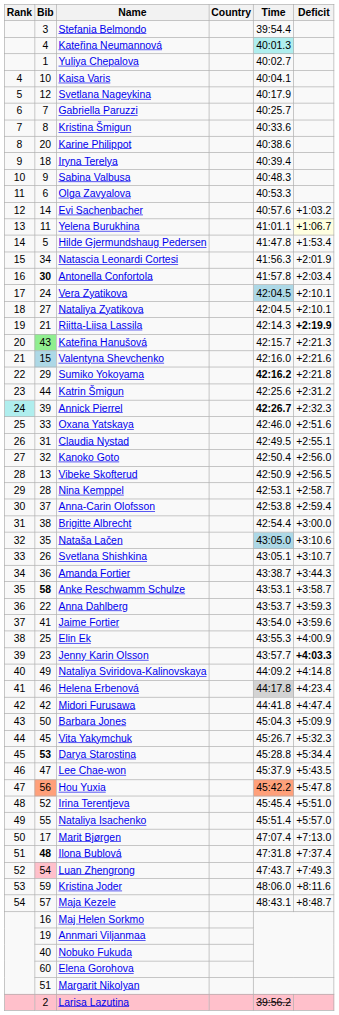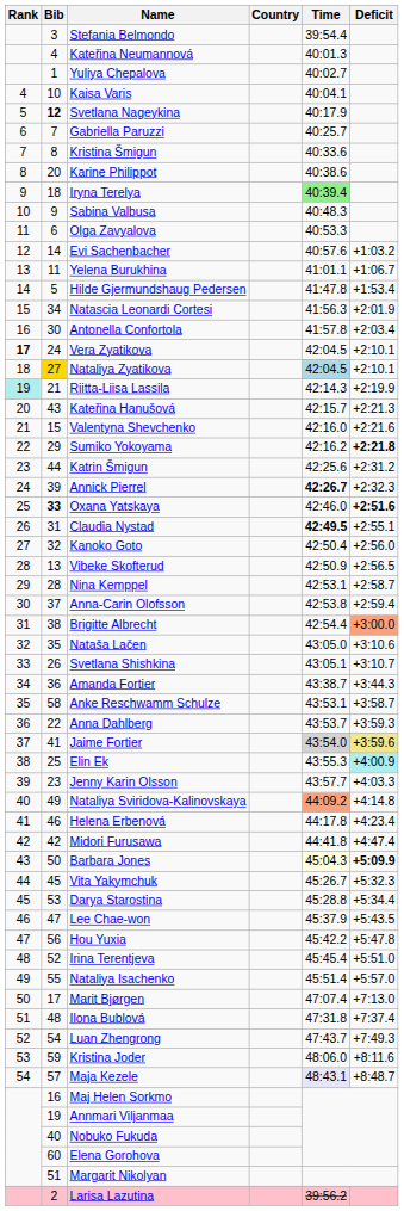 <table class="wikitable sortable" style="text-align:center">
 <tr>
 <th>Rank</th>
 <th>Bib</th>
 <th>Name</th>
 <th>Country</th>
 <th>Time</th>
 <th>Deficit</th>
 </tr>
 <tr>
 <td></td>
 <td>3</td>
 <td align=left><a href='#'>Stefania Belmondo</a></td>
 <td align=left></td>
 <td>39:54.4</td>
 <td></td>
 </tr>
 <tr>
 <td></td>
 <td>4</td>
 <td align=left><a href='#'>Kateřina Neumannová</a></td>
 <td align=left></td>
-<td style="background: paleturquoise;">40:01.3</td>
+<td>40:01.3</td>
 <td></td>
 </tr>
 <tr>
 <td></td>
 <td>1</td>
 <td align=left><a href='#'>Yuliya Chepalova</a></td>
 <td align=left></td>
 <td>40:02.7</td>
 <td></td>
 </tr>
 <tr>
 <td>4</td>
 <td>10</td>
 <td align=left><a href='#'>Kaisa Varis</a></td>
 <td align=left></td>
 <td>40:04.1</td>
 <td></td>
 </tr>
 <tr>
 <td>5</td>
-<td>12</td>
+<td><strong>12</strong></td>
 <td align=left><a href='#'>Svetlana Nageykina</a></td>
 <td align=left></td>
 <td>40:17.9</td>
 <td></td>
 </tr>
 <tr>
 <td>6</td>
 <td>7</td>
 <td align=left><a href='#'>Gabriella Paruzzi</a></td>
 <td align=left></td>
 <td>40:25.7</td>
 <td></td>
 </tr>
 <tr>
 <td>7</td>
 <td>8</td>
 <td align=left><a href='#'>Kristina Šmigun</a></td>
 <td align=left></td>
 <td>40:33.6</td>
 <td></td>
 </tr>
 <tr>
 <td>8</td>
 <td>20</td>
 <td align=left><a href='#'>Karine Philippot</a></td>
 <td align=left></td>
 <td>40:38.6</td>
 <td></td>
 </tr>
 <tr>
 <td>9</td>
 <td>18</td>
 <td align=left><a href='#'>Iryna Terelya</a></td>
 <td align=left></td>
-<td>40:39.4</td>
+<td style="background: lightgreen;">40:39.4</td>
 <td></td>
 </tr>
 <tr>
 <td>10</td>
 <td>9</td>
 <td align=left><a href='#'>Sabina Valbusa</a></td>
 <td align=left></td>
 <td>40:48.3</td>
 <td></td>
 </tr>
 <tr>
 <td>11</td>
 <td>6</td>
 <td align=left><a href='#'>Olga Zavyalova</a></td>
 <td align=left></td>
 <td>40:53.3</td>
 <td></td>
 </tr>
 <tr>
 <td>12</td>
 <td>14</td>
 <td align=left><a href='#'>Evi Sachenbacher</a></td>
 <td align=left></td>
 <td>40:57.6</td>
 <td>+1:03.2</td>
 </tr>
 <tr>
 <td>13</td>
 <td>11</td>
 <td align=left><a href='#'>Yelena Burukhina</a></td>
 <td align=left></td>
 <td>41:01.1</td>
-<td style="background: lightyellow;">+1:06.7</td>
+<td>+1:06.7</td>
 </tr>
 <tr>
 <td>14</td>
 <td>5</td>
 <td align=left><a href='#'>Hilde Gjermundshaug Pedersen</a></td>
 <td align=left></td>
 <td>41:47.8</td>
 <td>+1:53.4</td>
 </tr>
 <tr>
 <td>15</td>
 <td>34</td>
 <td align=left><a href='#'>Natascia Leonardi Cortesi</a></td>
 <td align=left></td>
 <td>41:56.3</td>
 <td>+2:01.9</td>
 </tr>
 <tr>
 <td>16</td>
-<td><strong>30</strong></td>
+<td>30</td>
 <td align=left><a href='#'>Antonella Confortola</a></td>
 <td align=left></td>
 <td>41:57.8</td>
 <td>+2:03.4</td>
 </tr>
 <tr>
-<td>17</td>
+<td><strong>17</strong></td>
 <td>24</td>
 <td align=left><a href='#'>Vera Zyatikova</a></td>
+<td align=left></td>
+<td>42:04.5</td>
+<td>+2:10.1</td>
+</tr>
+<tr>
+<td>18</td>
+<td style="background: gold;">27</td>
+<td align=left><a href='#'>Nataliya Zyatikova</a></td>
 <td align=left></td>
 <td style="background: lightblue;">42:04.5</td>
 <td>+2:10.1</td>
 </tr>
 <tr>
-<td>18</td>
-<td>27</td>
-<td align=left><a href='#'>Nataliya Zyatikova</a></td>
-<td align=left></td>
-<td>42:04.5</td>
-<td>+2:10.1</td>
-</tr>
-<tr>
-<td>19</td>
+<td style="background: paleturquoise;">19</td>
 <td>21</td>
 <td align=left><a href='#'>Riitta-Liisa Lassila</a></td>
 <td align=left></td>
 <td>42:14.3</td>
-<td><strong>+2:19.9</strong></td>
+<td>+2:19.9</td>
 </tr>
 <tr>
 <td>20</td>
-<td style="background: lightgreen;">43</td>
+<td>43</td>
 <td align=left><a href='#'>Kateřina Hanušová</a></td>
 <td align=left></td>
 <td>42:15.7</td>
 <td>+2:21.3</td>
 </tr>
 <tr>
 <td>21</td>
-<td style="background: lightblue;">15</td>
+<td>15</td>
 <td align=left><a href='#'>Valentyna Shevchenko</a></td>
 <td align=left></td>
 <td>42:16.0</td>
 <td>+2:21.6</td>
 </tr>
 <tr>
 <td>22</td>
 <td>29</td>
 <td align=left><a href='#'>Sumiko Yokoyama</a></td>
 <td align=left></td>
-<td><strong>42:16.2</strong></td>
-<td>+2:21.8</td>
+<td>42:16.2</td>
+<td><strong>+2:21.8</strong></td>
 </tr>
 <tr>
 <td>23</td>
 <td>44</td>
 <td align=left><a href='#'>Katrin Šmigun</a></td>
 <td align=left></td>
 <td>42:25.6</td>
 <td>+2:31.2</td>
 </tr>
 <tr>
-<td style="background: paleturquoise;">24</td>
+<td>24</td>
 <td>39</td>
 <td align=left><a href='#'>Annick Pierrel</a></td>
 <td align=left></td>
 <td><strong>42:26.7</strong></td>
 <td>+2:32.3</td>
 </tr>
 <tr>
 <td>25</td>
-<td>33</td>
+<td><strong>33</strong></td>
 <td align=left><a href='#'>Oxana Yatskaya</a></td>
 <td align=left></td>
 <td>42:46.0</td>
-<td>+2:51.6</td>
+<td><strong>+2:51.6</strong></td>
 </tr>
 <tr>
 <td>26</td>
 <td>31</td>
 <td align=left><a href='#'>Claudia Nystad</a></td>
 <td align=left></td>
-<td>42:49.5</td>
+<td><strong>42:49.5</strong></td>
 <td>+2:55.1</td>
 </tr>
 <tr>
 <td>27</td>
 <td>32</td>
 <td align=left><a href='#'>Kanoko Goto</a></td>
 <td align=left></td>
 <td>42:50.4</td>
 <td>+2:56.0</td>
 </tr>
 <tr>
 <td>28</td>
 <td>13</td>
 <td align=left><a href='#'>Vibeke Skofterud</a></td>
 <td align=left></td>
 <td>42:50.9</td>
 <td>+2:56.5</td>
 </tr>
 <tr>
 <td>29</td>
 <td>28</td>
 <td align=left><a href='#'>Nina Kemppel</a></td>
 <td align=left></td>
 <td>42:53.1</td>
 <td>+2:58.7</td>
 </tr>
 <tr>
 <td>30</td>
 <td>37</td>
 <td align=left><a href='#'>Anna-Carin Olofsson</a></td>
 <td align=left></td>
 <td>42:53.8</td>
 <td>+2:59.4</td>
 </tr>
 <tr>
 <td>31</td>
 <td>38</td>
 <td align=left><a href='#'>Brigitte Albrecht</a></td>
 <td align=left></td>
 <td>42:54.4</td>
-<td>+3:00.0</td>
+<td style="background: lightsalmon;">+3:00.0</td>
 </tr>
 <tr>
 <td>32</td>
 <td>35</td>
 <td align=left><a href='#'>Nataša Lačen</a></td>
 <td align=left></td>
-<td style="background: lightblue;">43:05.0</td>
+<td>43:05.0</td>
 <td>+3:10.6</td>
 </tr>
 <tr>
 <td>33</td>
 <td>26</td>
 <td align=left><a href='#'>Svetlana Shishkina</a></td>
 <td align=left></td>
 <td>43:05.1</td>
 <td>+3:10.7</td>
 </tr>
 <tr>
 <td>34</td>
 <td>36</td>
 <td align=left><a href='#'>Amanda Fortier</a></td>
 <td align=left></td>
 <td>43:38.7</td>
 <td>+3:44.3</td>
 </tr>
 <tr>
 <td>35</td>
-<td><strong>58</strong></td>
+<td>58</td>
 <td align=left><a href='#'>Anke Reschwamm Schulze</a></td>
 <td align=left></td>
 <td>43:53.1</td>
 <td>+3:58.7</td>
 </tr>
 <tr>
 <td>36</td>
 <td>22</td>
 <td align=left><a href='#'>Anna Dahlberg</a></td>
 <td align=left></td>
 <td>43:53.7</td>
 <td>+3:59.3</td>
 </tr>
 <tr>
 <td>37</td>
 <td>41</td>
 <td align=left><a href='#'>Jaime Fortier</a></td>
 <td align=left></td>
-<td>43:54.0</td>
-<td>+3:59.6</td>
+<td style="background: lightgrey;">43:54.0</td>
+<td style="background: khaki;">+3:59.6</td>
 </tr>
 <tr>
 <td>38</td>
 <td>25</td>
 <td align=left><a href='#'>Elin Ek</a></td>
 <td align=left></td>
 <td>43:55.3</td>
-<td>+4:00.9</td>
+<td style="background: paleturquoise;">+4:00.9</td>
 </tr>
 <tr>
 <td>39</td>
 <td>23</td>
 <td align=left><a href='#'>Jenny Karin Olsson</a></td>
 <td align=left></td>
 <td>43:57.7</td>
-<td><strong>+4:03.3</strong></td>
+<td>+4:03.3</td>
 </tr>
 <tr>
 <td>40</td>
 <td>49</td>
 <td align=left><a href='#'>Nataliya Sviridova-Kalinovskaya</a></td>
 <td align=left></td>
-<td>44:09.2</td>
+<td style="background: lightsalmon;">44:09.2</td>
 <td>+4:14.8</td>
 </tr>
 <tr>
 <td>41</td>
 <td>46</td>
 <td align=left><a href='#'>Helena Erbenová</a></td>
 <td align=left></td>
-<td style="background: lightgrey;">44:17.8</td>
+<td>44:17.8</td>
 <td>+4:23.4</td>
 </tr>
 <tr>
 <td>42</td>
 <td>42</td>
 <td align=left><a href='#'>Midori Furusawa</a></td>
 <td align=left></td>
 <td>44:41.8</td>
 <td>+4:47.4</td>
 </tr>
 <tr>
 <td>43</td>
 <td>50</td>
 <td align=left><a href='#'>Barbara Jones</a></td>
 <td align=left></td>
-<td>45:04.3</td>
-<td>+5:09.9</td>
+<td style="background: lightyellow;">45:04.3</td>
+<td><strong>+5:09.9</strong></td>
 </tr>
 <tr>
 <td>44</td>
 <td>45</td>
 <td align=left><a href='#'>Vita Yakymchuk</a></td>
 <td align=left></td>
 <td>45:26.7</td>
 <td>+5:32.3</td>
 </tr>
 <tr>
 <td>45</td>
-<td><strong>53</strong></td>
+<td>53</td>
 <td align=left><a href='#'>Darya Starostina</a></td>
 <td align=left></td>
 <td>45:28.8</td>
 <td>+5:34.4</td>
 </tr>
 <tr>
 <td>46</td>
 <td>47</td>
 <td align=left><a href='#'>Lee Chae-won</a></td>
 <td align=left></td>
 <td>45:37.9</td>
 <td>+5:43.5</td>
 </tr>
 <tr>
 <td>47</td>
-<td style="background: lightsalmon;">56</td>
+<td>56</td>
 <td align=left><a href='#'>Hou Yuxia</a></td>
 <td align=left></td>
-<td style="background: lightsalmon;">45:42.2</td>
+<td>45:42.2</td>
 <td>+5:47.8</td>
 </tr>
 <tr>
 <td>48</td>
 <td>52</td>
 <td align=left><a href='#'>Irina Terentjeva</a></td>
 <td align=left></td>
 <td>45:45.4</td>
 <td>+5:51.0</td>
 </tr>
 <tr>
 <td>49</td>
 <td>55</td>
 <td align=left><a href='#'>Nataliya Isachenko</a></td>
 <td align=left></td>
 <td>45:51.4</td>
 <td>+5:57.0</td>
 </tr>
 <tr>
 <td>50</td>
 <td>17</td>
 <td align=left><a href='#'>Marit Bjørgen</a></td>
 <td align=left></td>
 <td>47:07.4</td>
 <td>+7:13.0</td>
 </tr>
 <tr>
 <td>51</td>
-<td><strong>48</strong></td>
+<td>48</td>
 <td align=left><a href='#'>Ilona Bublová</a></td>
 <td align=left></td>
 <td>47:31.8</td>
 <td>+7:37.4</td>
 </tr>
 <tr>
 <td>52</td>
-<td style="background: pink;">54</td>
+<td>54</td>
 <td align=left><a href='#'>Luan Zhengrong</a></td>
 <td align=left></td>
 <td>47:43.7</td>
 <td>+7:49.3</td>
 </tr>
 <tr>
 <td>53</td>
 <td>59</td>
 <td align=left><a href='#'>Kristina Joder</a></td>
 <td align=left></td>
 <td>48:06.0</td>
 <td>+8:11.6</td>
 </tr>
 <tr>
 <td>54</td>
 <td>57</td>
 <td align=left><a href='#'>Maja Kezele</a></td>
 <td align=left></td>
-<td>48:43.1</td>
+<td style="background: lavender;">48:43.1</td>
 <td>+8:48.7</td>
 </tr>
 <tr>
 <td rowspan=5></td>
 <td>16</td>
 <td align=left><a href='#'>Maj Helen Sorkmo</a></td>
 <td align=left></td>
 <td colspan=2 rowspan=4></td>
 </tr>
 <tr>
 <td>19</td>
 <td align=left><a href='#'>Annmari Viljanmaa</a></td>
 <td align=left></td>
 </tr>
 <tr>
 <td>40</td>
 <td align=left><a href='#'>Nobuko Fukuda</a></td>
 <td align=left></td>
 </tr>
 <tr>
 <td>60</td>
 <td align=left><a href='#'>Elena Gorohova</a></td>
 <td align=left></td>
 </tr>
 <tr>
 <td>51</td>
 <td align=left><a href='#'>Margarit Nikolyan</a></td>
 <td align=left></td>
 <td colspan=2></td>
 </tr>
 <tr bgcolor=pink>
 <td></td>
 <td>2</td>
 <td align=left><a href='#'>Larisa Lazutina</a></td>
 <td align=left></td>
 <td><s>39:56.2</s></td>
 <td><s></s></td>
 </tr>
 </table>
